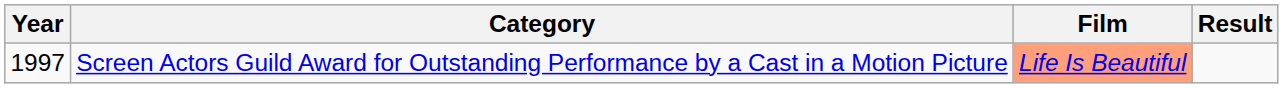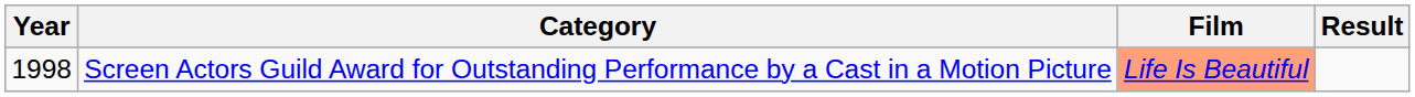 <table class="wikitable">
 <tr>
 <th>Year</th>
 <th>Category</th>
 <th>Film</th>
 <th>Result</th>
 </tr>
 <tr>
-<td>1997</td>
+<td>1998</td>
 <td><a href='#'>Screen Actors Guild Award for Outstanding Performance by a Cast in a Motion Picture</a></td>
 <td style="background: lightsalmon;"><em><a href='#'>Life Is Beautiful</a></em></td>
 <td></td>
 </tr>
 </table>
